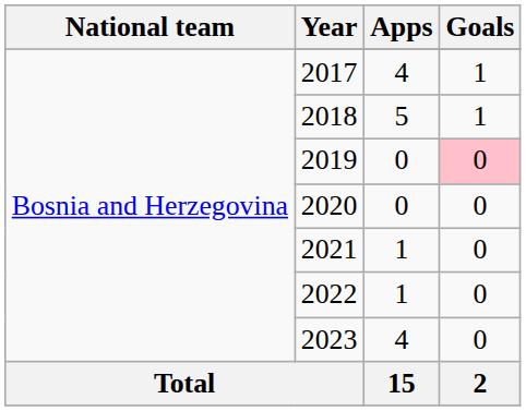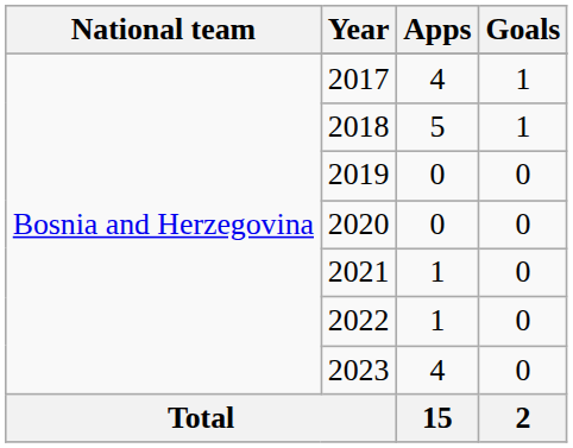 <table class="wikitable" style="text-align:center">
 <tr>
 <th>National team</th>
 <th>Year</th>
 <th>Apps</th>
 <th>Goals</th>
 </tr>
 <tr>
 <td rowspan=8><a href='#'>Bosnia and Herzegovina</a></td>
 </tr>
 <tr>
 <td>2017</td>
 <td>4</td>
 <td>1</td>
 </tr>
 <tr>
 <td>2018</td>
 <td>5</td>
 <td>1</td>
 </tr>
 <tr>
 <td>2019</td>
 <td>0</td>
-<td style="background: pink;">0</td>
+<td>0</td>
 </tr>
 <tr>
 <td>2020</td>
 <td>0</td>
 <td>0</td>
 </tr>
 <tr>
 <td>2021</td>
 <td>1</td>
 <td>0</td>
 </tr>
 <tr>
 <td>2022</td>
 <td>1</td>
 <td>0</td>
 </tr>
 <tr>
 <td>2023</td>
 <td>4</td>
 <td>0</td>
 </tr>
 <tr>
 <th colspan=2>Total</th>
 <th>15</th>
 <th>2</th>
 </tr>
 </table>
